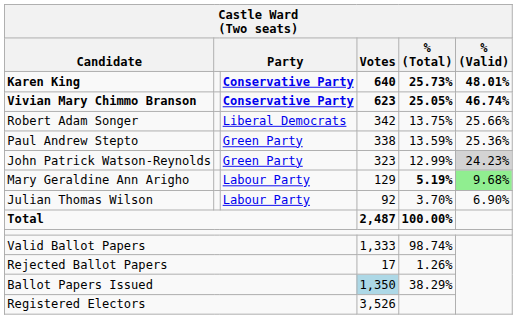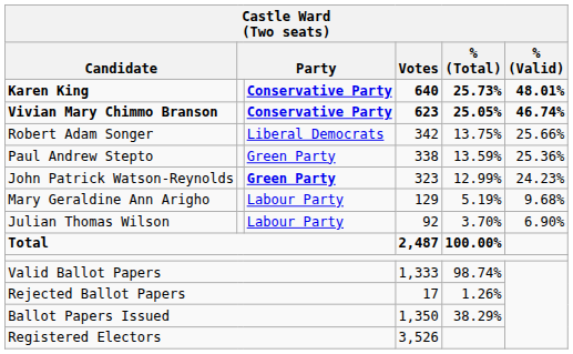 <table class="wikitable" border="1" style="text-align:right; font-size:100%">
 <tr>
 <th align=center colspan=6>Castle Ward<br>(Two seats)</th>
 </tr>
 <tr>
 <th valign=bottom>Candidate</th>
 <th valign=bottom colspan=2>Party</th>
 <th valign=bottom>Votes</th>
 <th>%<br>(Total)</th>
 <th>%<br>(Valid)</th>
 </tr>
 <tr>
 <td align=left><strong>Karen King</strong></td>
 <td style="background:"></td>
 <td align=left><strong><a href='#'>Conservative Party</a></strong></td>
 <td><strong>640</strong></td>
 <td><strong>25.73%</strong></td>
 <td><strong>48.01%</strong></td>
 </tr>
 <tr>
 <td align=left><strong>Vivian Mary Chimmo Branson</strong></td>
 <td style="background:"></td>
 <td align=left><strong><a href='#'>Conservative Party</a></strong></td>
 <td><strong>623</strong></td>
 <td><strong>25.05%</strong></td>
 <td><strong>46.74%</strong></td>
 </tr>
 <tr>
 <td align=left>Robert Adam Songer</td>
 <td style="background:"></td>
 <td align=left><a href='#'>Liberal Democrats</a></td>
 <td>342</td>
 <td>13.75%</td>
 <td>25.66%</td>
 </tr>
 <tr>
 <td align=left>Paul Andrew Stepto</td>
 <td style="background:"></td>
 <td align=left><a href='#'>Green Party</a></td>
 <td>338</td>
 <td>13.59%</td>
 <td>25.36%</td>
 </tr>
 <tr>
 <td align=left>John Patrick Watson-Reynolds</td>
 <td style="background:"></td>
-<td align=left><a href='#'>Green Party</a></td>
+<td align=left><strong><a href='#'>Green Party</a></strong></td>
 <td>323</td>
 <td>12.99%</td>
-<td style="background: lightgrey;">24.23%</td>
+<td>24.23%</td>
 </tr>
 <tr>
 <td align=left>Mary Geraldine Ann Arigho</td>
 <td style="background:"></td>
 <td align=left><a href='#'>Labour Party</a></td>
 <td>129</td>
-<td><strong>5.19%</strong></td>
-<td style="background: lightgreen;">9.68%</td>
+<td>5.19%</td>
+<td>9.68%</td>
 </tr>
 <tr>
 <td align=left>Julian Thomas Wilson</td>
 <td style="background:"></td>
 <td align=left><a href='#'>Labour Party</a></td>
 <td>92</td>
 <td>3.70%</td>
 <td>6.90%</td>
 </tr>
 <tr style="font-weight:bold">
 <td align=left colspan=3>Total</td>
 <td>2,487</td>
 <td>100.00%</td>
 <td></td>
 </tr>
 <tr>
 <td align=left colspan=6></td>
 </tr>
 <tr>
 <td align=left colspan=3>Valid Ballot Papers</td>
 <td>1,333</td>
 <td>98.74%</td>
 <td rowspan=4></td>
 </tr>
 <tr>
 <td align=left colspan=3>Rejected Ballot Papers</td>
 <td>17</td>
 <td>1.26%</td>
 </tr>
 <tr>
 <td align=left colspan=3>Ballot Papers Issued</td>
-<td style="background: lightblue;">1,350</td>
+<td>1,350</td>
 <td>38.29%</td>
 </tr>
 <tr>
 <td align=left colspan=3>Registered Electors</td>
 <td>3,526</td>
 <td></td>
 </tr>
 </table>
